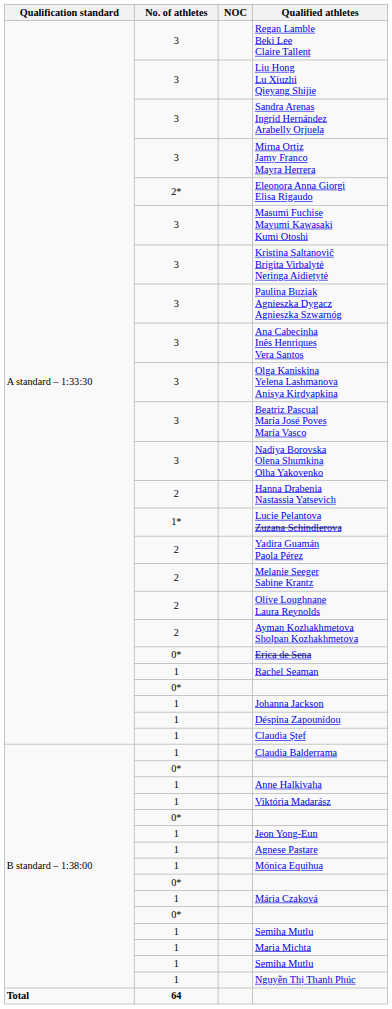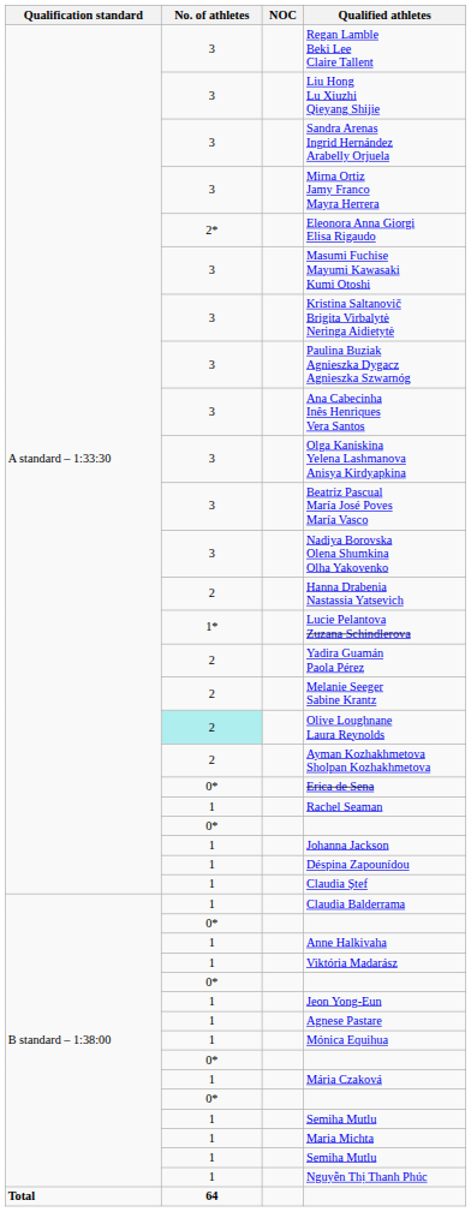 <table class="wikitable"  style="text-align:left; width:600px;">
 <tr>
 <th>Qualification standard</th>
 <th>No. of athletes</th>
 <th>NOC</th>
 <th>Qualified athletes</th>
 </tr>
 <tr>
 <td rowspan="24">A standard – 1:33:30</td>
 <td align=center>3</td>
 <td></td>
 <td><a href='#'>Regan Lamble</a> <br> <a href='#'>Beki Lee</a> <br> <a href='#'>Claire Tallent</a></td>
 </tr>
 <tr>
 <td align=center>3</td>
 <td></td>
 <td><a href='#'>Liu Hong</a> <br> <a href='#'>Lu Xiuzhi</a> <br> <a href='#'>Qieyang Shijie</a></td>
 </tr>
 <tr>
 <td align=center>3</td>
 <td></td>
 <td><a href='#'>Sandra Arenas</a> <br> <a href='#'>Ingrid Hernández</a> <br> <a href='#'>Arabelly Orjuela</a></td>
 </tr>
 <tr>
 <td align=center>3</td>
 <td></td>
 <td><a href='#'>Mirna Ortiz</a> <br> <a href='#'>Jamy Franco</a> <br> <a href='#'>Mayra Herrera</a></td>
 </tr>
 <tr>
 <td align=center>2*</td>
 <td></td>
 <td><a href='#'>Eleonora Anna Giorgi</a> <br> <a href='#'>Elisa Rigaudo</a></td>
 </tr>
 <tr>
 <td align=center>3</td>
 <td></td>
 <td><a href='#'>Masumi Fuchise</a> <br> <a href='#'>Mayumi Kawasaki</a> <br> <a href='#'>Kumi Otoshi</a></td>
 </tr>
 <tr>
 <td align=center>3</td>
 <td></td>
 <td><a href='#'>Kristina Saltanovič</a><br> <a href='#'>Brigita Virbalytė</a><br> <a href='#'>Neringa Aidietytė</a></td>
 </tr>
 <tr>
 <td align=center>3</td>
 <td></td>
 <td><a href='#'>Paulina Buziak</a><br> <a href='#'>Agnieszka Dygacz</a><br> <a href='#'>Agnieszka Szwarnóg</a></td>
 </tr>
 <tr>
 <td align=center>3</td>
 <td></td>
 <td><a href='#'>Ana Cabecinha</a> <br> <a href='#'>Inês Henriques</a> <br> <a href='#'>Vera Santos</a></td>
 </tr>
 <tr>
 <td align=center>3</td>
 <td></td>
 <td><a href='#'>Olga Kaniskina</a> <br> <a href='#'>Yelena Lashmanova</a> <br> <a href='#'>Anisya Kirdyapkina</a></td>
 </tr>
 <tr>
 <td align=center>3</td>
 <td></td>
 <td><a href='#'>Beatriz Pascual</a> <br> <a href='#'>María José Poves</a> <br> <a href='#'>María Vasco</a></td>
 </tr>
 <tr>
 <td align=center>3</td>
 <td></td>
 <td><a href='#'>Nadiya Borovska</a> <br> <a href='#'>Olena Shumkina</a> <br> <a href='#'>Olha Yakovenko</a></td>
 </tr>
 <tr>
 <td align=center>2</td>
 <td></td>
 <td><a href='#'>Hanna Drabenia</a><br><a href='#'>Nastassia Yatsevich</a></td>
 </tr>
 <tr>
 <td align=center>1*</td>
 <td></td>
 <td><a href='#'>Lucie Pelantova</a> <br> <s><a href='#'>Zuzana Schindlerova</a></s></td>
 </tr>
 <tr>
 <td align=center>2</td>
 <td></td>
 <td><a href='#'>Yadira Guamán</a><br><a href='#'>Paola Pérez</a></td>
 </tr>
 <tr>
 <td align=center>2</td>
 <td></td>
 <td><a href='#'>Melanie Seeger</a><br><a href='#'>Sabine Krantz</a></td>
 </tr>
 <tr>
-<td align=center>2</td>
+<td align=center style="background: paleturquoise;">2</td>
 <td></td>
 <td><a href='#'>Olive Loughnane</a><br><a href='#'>Laura Reynolds</a></td>
 </tr>
 <tr>
 <td align=center>2</td>
 <td></td>
 <td><a href='#'>Ayman Kozhakhmetova</a><br><a href='#'>Sholpan Kozhakhmetova</a></td>
 </tr>
 <tr>
 <td align=center>0*</td>
 <td></td>
 <td><s><a href='#'>Erica de Sena</a></s></td>
 </tr>
 <tr>
 <td align=center>1</td>
 <td></td>
 <td><a href='#'>Rachel Seaman</a></td>
 </tr>
 <tr>
 <td align=center>0*</td>
 <td><s> </s></td>
 <td></td>
 </tr>
 <tr>
 <td align=center>1</td>
 <td></td>
 <td><a href='#'>Johanna Jackson</a></td>
 </tr>
 <tr>
 <td align=center>1</td>
 <td></td>
 <td><a href='#'>Déspina Zapounídou</a></td>
 </tr>
 <tr>
 <td align=center>1</td>
 <td></td>
 <td><a href='#'>Claudia Ștef</a></td>
 </tr>
 <tr>
 <td rowspan="15">B standard – 1:38:00</td>
 <td align=center>1</td>
 <td></td>
 <td><a href='#'>Claudia Balderrama</a></td>
 </tr>
 <tr>
 <td align=center>0*</td>
 <td><s></s></td>
 <td></td>
 </tr>
 <tr>
 <td align=center>1</td>
 <td></td>
 <td><a href='#'>Anne Halkivaha</a></td>
 </tr>
 <tr>
 <td align=center>1</td>
 <td></td>
 <td><a href='#'>Viktória Madarász</a></td>
 </tr>
 <tr>
 <td align=center>0*</td>
 <td><s></s></td>
 <td></td>
 </tr>
 <tr>
 <td align=center>1</td>
 <td></td>
 <td><a href='#'>Jeon Yong-Eun</a></td>
 </tr>
 <tr>
 <td align=center>1</td>
 <td></td>
 <td><a href='#'>Agnese Pastare</a></td>
 </tr>
 <tr>
 <td align=center>1</td>
 <td></td>
 <td><a href='#'>Mónica Equihua</a></td>
 </tr>
 <tr>
 <td align=center>0*</td>
 <td><s></s></td>
 <td></td>
 </tr>
 <tr>
 <td align=center>1</td>
 <td></td>
 <td><a href='#'>Mária Czaková</a></td>
 </tr>
 <tr>
 <td align=center>0*</td>
 <td><s></s></td>
 <td></td>
 </tr>
 <tr>
 <td align=center>1</td>
 <td></td>
 <td><a href='#'>Semiha Mutlu</a></td>
 </tr>
 <tr>
 <td align=center>1</td>
 <td></td>
 <td><a href='#'>Maria Michta</a></td>
 </tr>
 <tr>
 <td align=center>1</td>
 <td></td>
 <td><a href='#'>Semiha Mutlu</a></td>
 </tr>
 <tr>
 <td align=center>1</td>
 <td></td>
 <td><a href='#'>Nguyễn Thị Thanh Phúc</a></td>
 </tr>
 <tr>
 <td><strong>Total</strong></td>
 <td align=center><strong>64</strong></td>
 <td></td>
 <td></td>
 </tr>
 </table>
